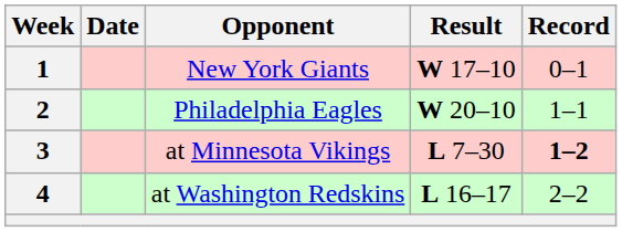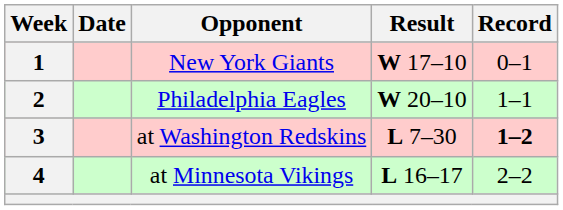 <table class="wikitable" style="text-align:center">
 <tr>
 <th>Week</th>
 <th>Date</th>
 <th>Opponent</th>
 <th>Result</th>
 <th>Record</th>
 </tr>
 <tr style="background:#fcc">
 <th>1</th>
 <td></td>
 <td><a href='#'>New York Giants</a></td>
 <td><strong>W</strong> 17–10</td>
 <td>0–1</td>
 </tr>
 <tr style="background:#cfc">
 <th>2</th>
 <td></td>
 <td><a href='#'>Philadelphia Eagles</a></td>
 <td><strong>W</strong> 20–10</td>
 <td>1–1</td>
 </tr>
 <tr style="background:#fcc">
 <th>3</th>
 <td></td>
-<td>at <a href='#'>Minnesota Vikings</a></td>
+<td>at <a href='#'>Washington Redskins</a></td>
 <td><strong>L</strong> 7–30</td>
 <td><strong>1–2</strong></td>
 </tr>
 <tr style="background:#cfc">
 <th>4</th>
 <td></td>
-<td>at <a href='#'>Washington Redskins</a></td>
+<td>at <a href='#'>Minnesota Vikings</a></td>
 <td><strong>L</strong> 16–17</td>
 <td>2–2</td>
 </tr>
 <tr>
 <th colspan="5"></th>
 </tr>
 </table>
